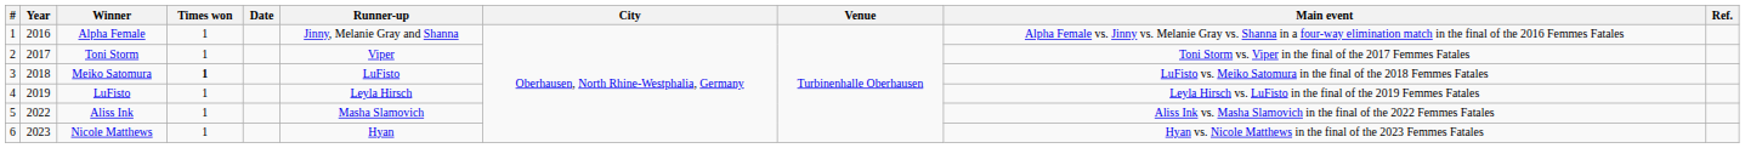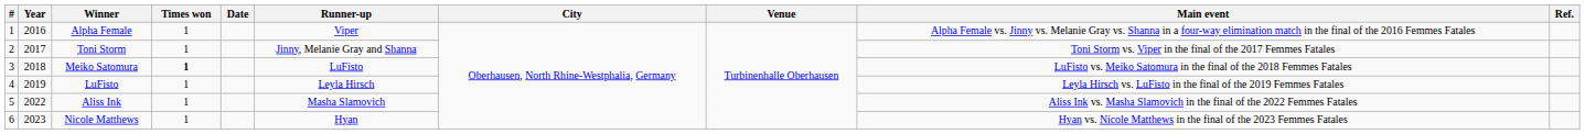 <table class="sortable wikitable succession-box" style="font-size:85%; text-align:center;" width="100%">
 <tr>
 <th>#</th>
 <th>Year</th>
 <th>Winner</th>
 <th>Times won</th>
 <th>Date</th>
 <th>Runner-up</th>
 <th>City</th>
 <th>Venue</th>
 <th>Main event</th>
 <th>Ref.</th>
 </tr>
 <tr>
 <td>1</td>
 <td>2016</td>
 <td><a href='#'>Alpha Female</a></td>
 <td>1</td>
 <td></td>
-<td><a href='#'>Jinny</a>, Melanie Gray and <a href='#'>Shanna</a></td>
+<td><a href='#'>Viper</a></td>
 <td rowspan="6"><a href='#'>Oberhausen</a>, <a href='#'>North Rhine-Westphalia</a>, <a href='#'>Germany</a></td>
 <td rowspan="6"><a href='#'>Turbinenhalle Oberhausen</a></td>
 <td><a href='#'>Alpha Female</a> vs. <a href='#'>Jinny</a> vs. Melanie Gray vs. <a href='#'>Shanna</a> in a <a href='#'>four-way elimination match</a> in the final of the 2016 Femmes Fatales</td>
 <td></td>
 </tr>
 <tr>
 <td>2</td>
 <td>2017</td>
 <td><a href='#'>Toni Storm</a></td>
 <td>1</td>
 <td></td>
-<td><a href='#'>Viper</a></td>
+<td><a href='#'>Jinny</a>, Melanie Gray and <a href='#'>Shanna</a></td>
 <td><a href='#'>Toni Storm</a> vs. <a href='#'>Viper</a> in the final of the 2017 Femmes Fatales</td>
 <td></td>
 </tr>
 <tr>
 <td>3</td>
 <td>2018</td>
 <td><a href='#'>Meiko Satomura</a></td>
 <td><strong>1</strong></td>
 <td></td>
 <td><a href='#'>LuFisto</a></td>
 <td><a href='#'>LuFisto</a> vs. <a href='#'>Meiko Satomura</a> in the final of the 2018 Femmes Fatales</td>
 <td></td>
 </tr>
 <tr>
 <td>4</td>
 <td>2019</td>
 <td><a href='#'>LuFisto</a></td>
 <td>1</td>
 <td></td>
 <td><a href='#'>Leyla Hirsch</a></td>
 <td><a href='#'>Leyla Hirsch</a> vs. <a href='#'>LuFisto</a> in the final of the 2019 Femmes Fatales</td>
 <td></td>
 </tr>
 <tr>
 <td>5</td>
 <td>2022</td>
 <td><a href='#'>Aliss Ink</a></td>
 <td>1</td>
 <td></td>
 <td><a href='#'>Masha Slamovich</a></td>
 <td><a href='#'>Aliss Ink</a> vs. <a href='#'>Masha Slamovich</a> in the final of the 2022 Femmes Fatales</td>
 <td></td>
 </tr>
 <tr>
 <td>6</td>
 <td>2023</td>
 <td><a href='#'>Nicole Matthews</a></td>
 <td>1</td>
 <td></td>
 <td><a href='#'>Hyan</a></td>
 <td><a href='#'>Hyan</a> vs. <a href='#'>Nicole Matthews</a> in the final of the 2023 Femmes Fatales</td>
 <td></td>
 </tr>
 </table>
